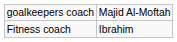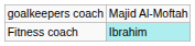 <table class="wikitable">
 <tr>
 <td>goalkeepers coach</td>
 <td> Majid Al-Moftah</td>
 </tr>
 <tr>
 <td>Fitness coach</td>
-<td> Ibrahim</td>
+<td style="background: paleturquoise;"> Ibrahim</td>
 </tr>
 </table>
